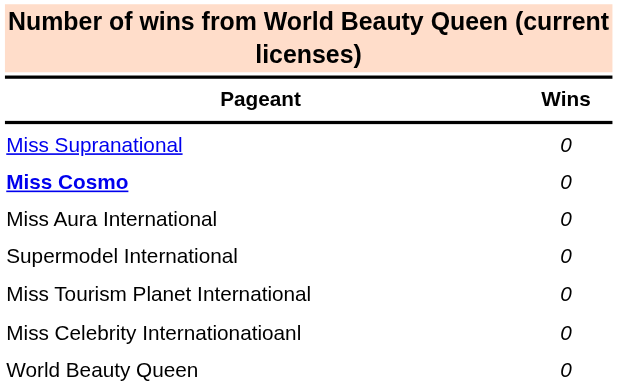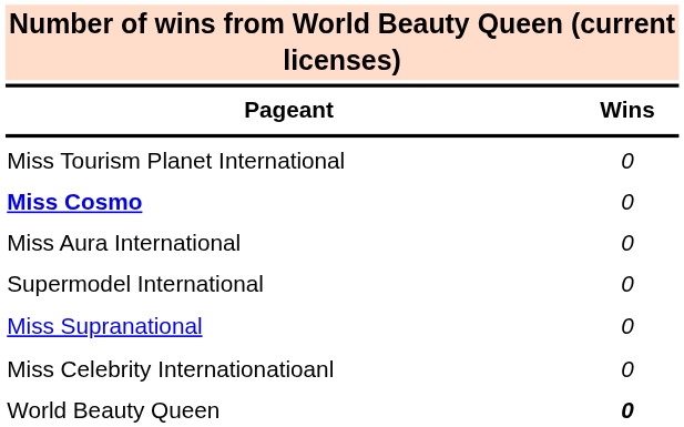 <table class="toccolours" style="width: 30em; float:right; margin-left:1em; font-size:80%; line-height:1.5em; width:30%;">
 <tr>
 <th colspan="2" align="center" style="background:#FFDDCA;"><big>Number of wins from World Beauty Queen (current licenses)</big></th>
 </tr>
 <tr>
 <td colspan="2" style="background:black"></td>
 </tr>
 <tr>
 <th scope="col">Pageant</th>
 <th scope="col">Wins</th>
 </tr>
 <tr>
 <td colspan="2" style="background:black"></td>
 </tr>
 <tr>
-<td align="left"><a href='#'>Miss Supranational</a></td>
+<td align="left">Miss Tourism Planet International</td>
 <td align="center"><em>0</em></td>
 </tr>
 <tr>
 <td align="left"><strong><a href='#'>Miss Cosmo</a></strong></td>
 <td align="center"><em>0</em></td>
 </tr>
 <tr>
 <td align="left">Miss Aura International</td>
 <td align="center"><em>0</em></td>
 </tr>
 <tr>
 <td align="left">Supermodel International</td>
 <td align="center"><em>0</em></td>
 </tr>
 <tr>
-<td align="left">Miss Tourism Planet International</td>
+<td align="left"><a href='#'>Miss Supranational</a></td>
 <td align="center"><em>0</em></td>
 </tr>
 <tr>
 <td align="left">Miss Celebrity Internationatioanl</td>
 <td align="center"><em>0</em></td>
 </tr>
 <tr>
 <td align="left">World Beauty Queen</td>
-<td align="center"><em>0</em></td>
+<td align="center"><strong><em>0</em></strong></td>
 </tr>
 </table>
